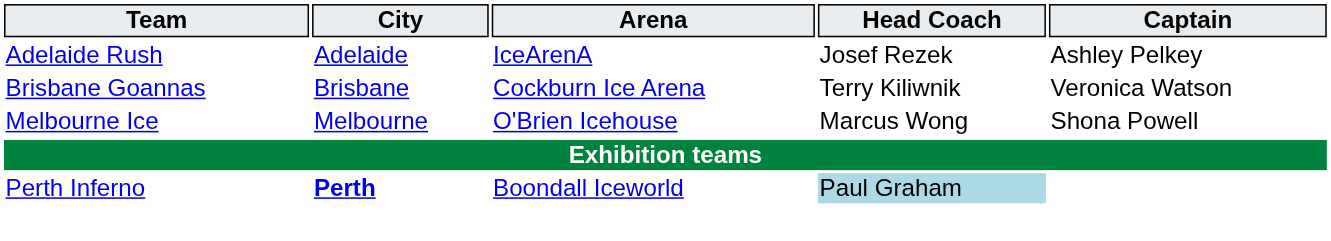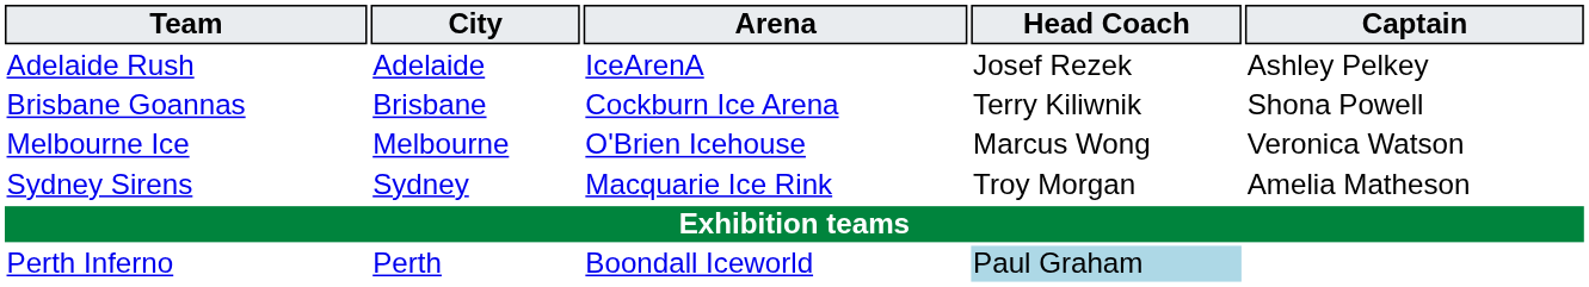 <table class="toccolours" style="width:55em">
 <tr>
 </tr>
 <tr>
 <th style="background:#e9ecef;color:black;border:black 1px solid">Team</th>
 <th style="background:#e9ecef;color:black;border:black 1px solid">City</th>
 <th style="background:#e9ecef;color:black;border:black 1px solid">Arena</th>
 <th style="background:#e9ecef;color:black;border:black 1px solid">Head Coach</th>
 <th style="background:#e9ecef;color:black;border:black 1px solid">Captain</th>
 </tr>
 <tr>
 <td><a href='#'>Adelaide Rush</a></td>
 <td> <a href='#'>Adelaide</a></td>
 <td><a href='#'>IceArenA</a></td>
 <td> Josef Rezek</td>
 <td> Ashley Pelkey</td>
 </tr>
 <tr>
 <td><a href='#'>Brisbane Goannas</a></td>
 <td> <a href='#'>Brisbane</a></td>
 <td><a href='#'>Cockburn Ice Arena</a></td>
 <td> Terry Kiliwnik</td>
-<td> Veronica Watson</td>
+<td> Shona Powell</td>
 </tr>
 <tr>
 <td><a href='#'>Melbourne Ice</a></td>
 <td> <a href='#'>Melbourne</a></td>
 <td><a href='#'>O'Brien Icehouse</a></td>
 <td> Marcus Wong</td>
-<td> Shona Powell</td>
+<td> Veronica Watson</td>
+</tr>
+<tr>
+<td><a href='#'>Sydney Sirens</a></td>
+<td> <a href='#'>Sydney</a></td>
+<td><a href='#'>Macquarie Ice Rink</a></td>
+<td> Troy Morgan</td>
+<td> Amelia Matheson</td>
 </tr>
 <tr>
 <th style="background:#00843d;color:white;align:center"colspan="5">Exhibition teams</th>
 </tr>
 <tr>
 <td><a href='#'>Perth Inferno</a></td>
-<td><strong> <a href='#'>Perth</a></strong></td>
+<td> <a href='#'>Perth</a></td>
 <td><a href='#'>Boondall Iceworld</a></td>
 <td style="background: lightblue;"> Paul Graham</td>
 <td></td>
 </tr>
 <tr>
 </tr>
 </table>
